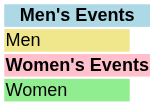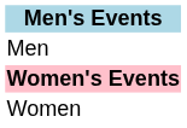 <table>
 <tr style="background:lightblue; width:100%;">
 <td colspan=7 align=center><strong>Men's Events</strong></td>
 </tr>
 <tr>
-<td style="background: khaki;">Men</td>
+<td>Men</td>
 <td colspan=2></td>
 <td colspan=2></td>
 <td colspan=2></td>
 </tr>
 <tr style="background:pink; width:100%;">
 <td colspan=7 align=center><strong>Women's Events</strong></td>
 </tr>
 <tr>
-<td style="background: lightgreen;">Women</td>
+<td>Women</td>
 <td colspan=2></td>
 <td colspan=2></td>
 <td colspan=2></td>
 </tr>
 </table>
